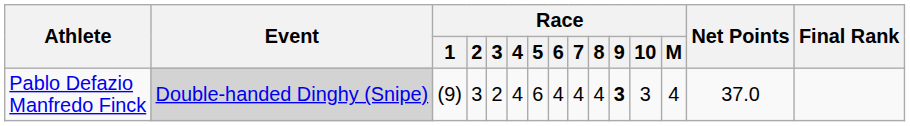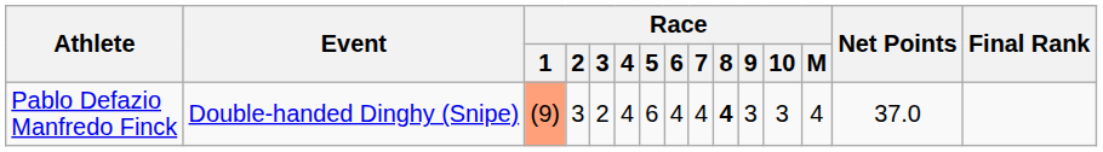 <table class="wikitable" border="1" style="font-size:90%">
 <tr>
 <th rowspan=2>Athlete</th>
 <th rowspan=2>Event</th>
 <th colspan=11>Race</th>
 <th rowspan=2>Net Points</th>
 <th rowspan=2>Final Rank</th>
 </tr>
 <tr>
 <th>1</th>
 <th>2</th>
 <th>3</th>
 <th>4</th>
 <th>5</th>
 <th>6</th>
 <th>7</th>
 <th>8</th>
 <th>9</th>
 <th>10</th>
 <th>M</th>
 </tr>
 <tr align=center>
 <td align=left><a href='#'>Pablo Defazio</a><br><a href='#'>Manfredo Finck</a></td>
-<td align=left style="background: lightgrey;"><a href='#'>Double-handed Dinghy (Snipe)</a></td>
-<td>(9)</td>
+<td align=left><a href='#'>Double-handed Dinghy (Snipe)</a></td>
+<td style="background: lightsalmon;">(9)</td>
 <td>3</td>
 <td>2</td>
 <td>4</td>
 <td>6</td>
 <td>4</td>
 <td>4</td>
-<td>4</td>
-<td><strong>3</strong></td>
+<td><strong>4</strong></td>
+<td>3</td>
 <td>3</td>
 <td>4</td>
 <td>37.0</td>
 <td></td>
 </tr>
 </table>
